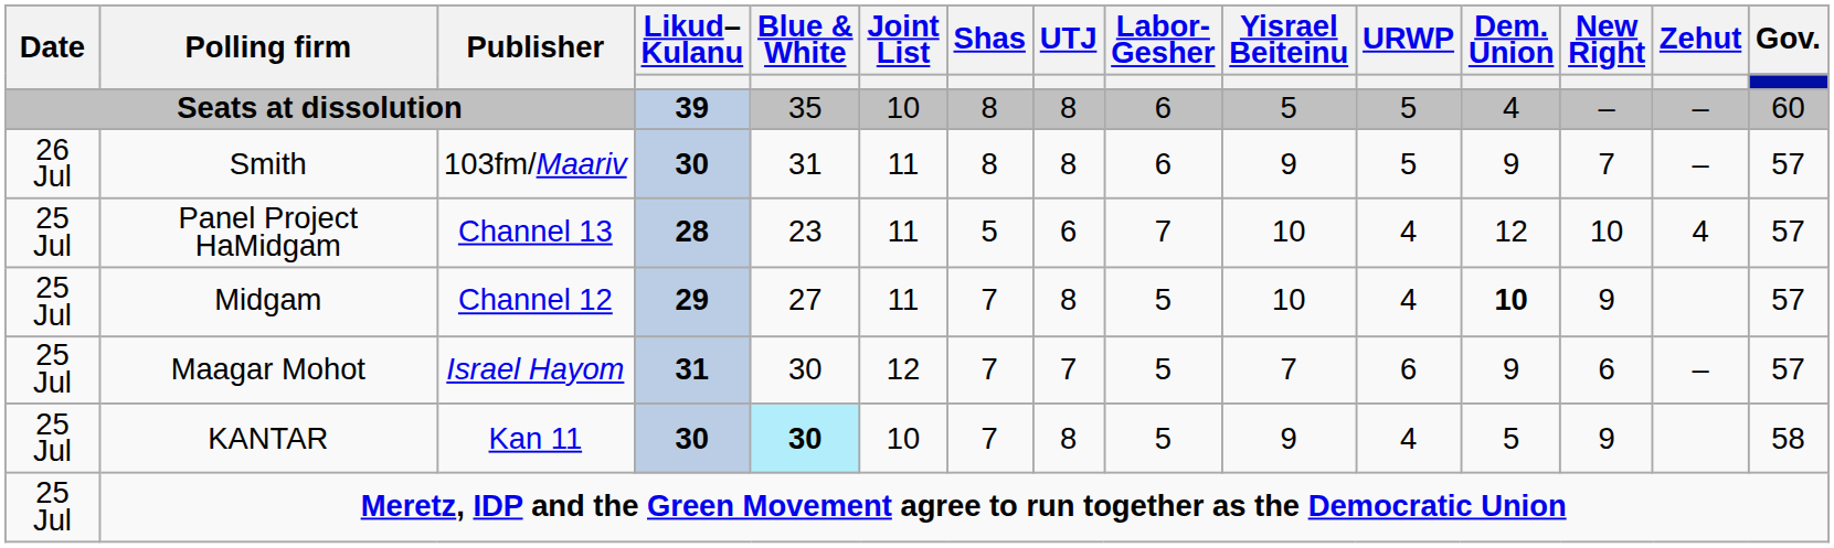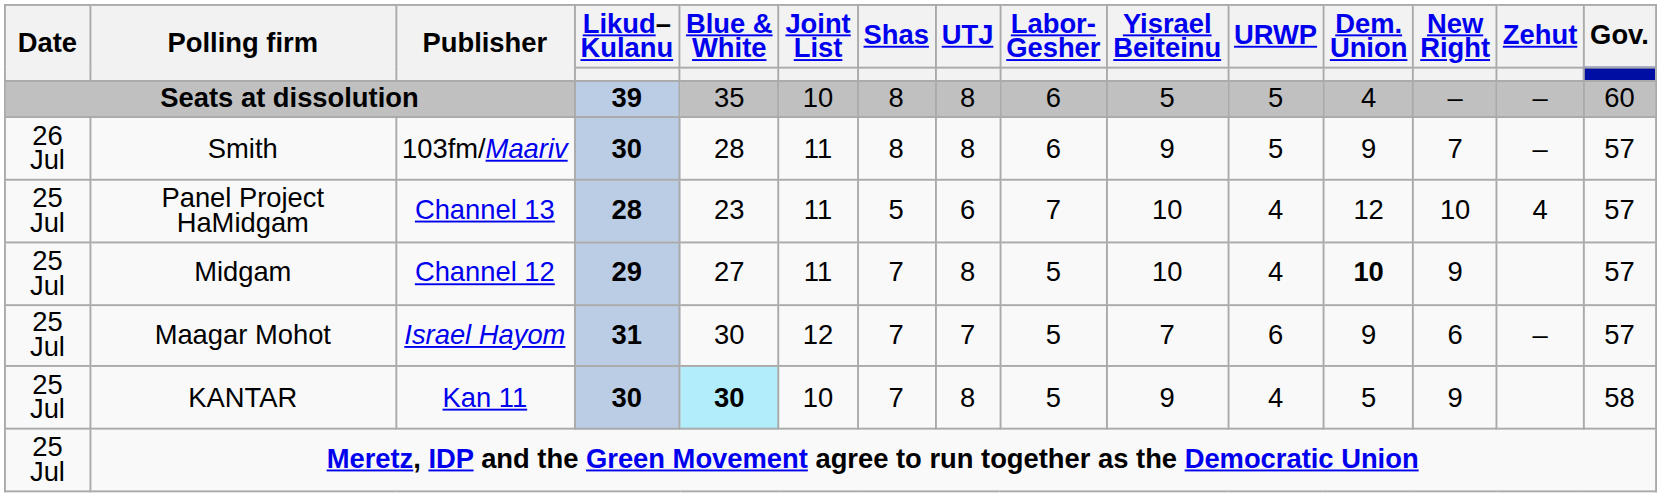 <table class="wikitable sortable" style="text-align:center;font-size:90%;line-height:13px">
 <tr>
 <th rowspan="2">Date</th>
 <th rowspan="2">Polling firm</th>
 <th rowspan="2">Publisher</th>
 <th><a href='#'>Likud</a>–<br><a href='#'>Kulanu</a></th>
 <th><a href='#'>Blue &<br>White</a></th>
 <th><a href='#'>Joint<br>List</a></th>
 <th><a href='#'>Shas</a></th>
 <th><a href='#'>UTJ</a></th>
 <th><a href='#'>Labor-<br>Gesher</a></th>
 <th><a href='#'>Yisrael<br>Beiteinu</a></th>
 <th><a href='#'>URWP</a></th>
 <th><a href='#'>Dem.<br>Union</a></th>
 <th><a href='#'>New<br>Right</a></th>
 <th><a href='#'>Zehut</a></th>
 <th>Gov.</th>
 </tr>
 <tr>
 <th style="background:"></th>
 <th style="background:"></th>
 <th style="background:"></th>
 <th style="background:"></th>
 <th style="background:"></th>
 <th style="background:"></th>
 <th style="background:"></th>
 <th style="background:"></th>
 <th style="background:"></th>
 <th style="background:"></th>
 <th style="background:"></th>
 <th style="background:#000EA3;"></th>
 </tr>
 <tr>
 <td style="background:silver" colspan=3><strong>Seats at dissolution</strong></td>
 <td style="background:#BBCDE4"><strong>39</strong>	</td>
 <td style="background:silver">35		</td>
 <td style="background:silver">10		</td>
 <td style="background:silver">8		</td>
 <td style="background:silver">8		</td>
 <td style="background:silver">6		</td>
 <td style="background:silver">5		</td>
 <td style="background:silver">5		</td>
 <td style="background:silver">4		</td>
 <td style="background:silver">–		</td>
 <td style="background:silver">–		</td>
 <td style="background:silver">60		</td>
 </tr>
 <tr>
 <td data-sort-value="2019-07-26">26 Jul</td>
 <td>Smith</td>
 <td>103fm/<em><a href='#'>Maariv</a></em></td>
 <td style="background:#BBCDE4"><strong>30</strong>	</td>
-<td>31					</td>
+<td>28					</td>
 <td>11					</td>
 <td>8					</td>
 <td>8					</td>
 <td>6					</td>
 <td>9					</td>
 <td>5					</td>
 <td>9					</td>
 <td>7					</td>
 <td>–					</td>
 <td>57					</td>
 </tr>
 <tr>
 <td data-sort-value="2019-07-25">25 Jul</td>
 <td>Panel Project HaMidgam</td>
 <td><a href='#'>Channel 13</a></td>
 <td style="background:#BBCDE4"><strong>28</strong>	</td>
 <td>23					</td>
 <td>11					</td>
 <td>5					</td>
 <td>6					</td>
 <td>7					</td>
 <td>10					</td>
 <td>4					</td>
 <td>12					</td>
 <td>10					</td>
 <td>4					</td>
 <td>57					</td>
 </tr>
 <tr>
 <td data-sort-value="2019-07-25">25 Jul</td>
 <td>Midgam</td>
 <td><a href='#'>Channel 12</a></td>
 <td style="background:#BBCDE4"><strong>29</strong>	</td>
 <td>27					</td>
 <td>11					</td>
 <td>7					</td>
 <td>8					</td>
 <td>5					</td>
 <td>10					</td>
 <td>4					</td>
 <td><strong>10					</strong></td>
 <td>9					</td>
 <td>			</td>
 <td>57					</td>
 </tr>
 <tr>
 <td data-sort-value="2019-07-25">25 Jul</td>
 <td>Maagar Mohot</td>
 <td><em><a href='#'>Israel Hayom</a></em></td>
 <td style="background:#BBCDE4"><strong>31</strong>	</td>
 <td>30					</td>
 <td>12					</td>
 <td>7					</td>
 <td>7					</td>
 <td>5					</td>
 <td>7					</td>
 <td>6					</td>
 <td>9					</td>
 <td>6					</td>
 <td>–					</td>
 <td>57					</td>
 </tr>
 <tr>
 <td data-sort-value="2019-07-25">25 Jul</td>
 <td>KANTAR</td>
 <td><a href='#'>Kan 11</a></td>
 <td style="background:#BBCDE4"><strong>30</strong>	</td>
 <td style="background:#B2EDFB"><strong>30</strong>	</td>
 <td>10					</td>
 <td>7					</td>
 <td>8					</td>
 <td>5					</td>
 <td>9					</td>
 <td>4					</td>
 <td>5					</td>
 <td>9					</td>
 <td>			</td>
 <td>58					</td>
 </tr>
 <tr>
 <td data-sort-value="2019-07-25">25 Jul</td>
 <td colspan="15"><strong><a href='#'>Meretz</a>, <a href='#'>IDP</a> and the <a href='#'>Green Movement</a> agree to run together as the <a href='#'>Democratic Union</a></strong></td>
 </tr>
 </table>
